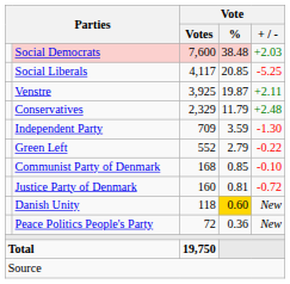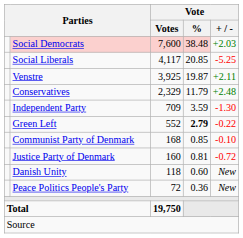 <table class="wikitable" style="text-align:right;">
 <tr>
 <th style="text-align:centre;" rowspan="2" colspan="2" width="225">Parties</th>
 <th colspan="3">Vote</th>
 </tr>
 <tr>
 <th width="15">Votes</th>
 <th width="15">%</th>
 <th width="15">+ / -</th>
 </tr>
 <tr>
 <td width="2" style="color:inherit;background:"></td>
 <td bgcolor=#fbd0ce  align="left"><a href='#'>Social Democrats</a></td>
 <td bgcolor=#fbd0ce>7,600</td>
 <td bgcolor=#fbd0ce>38.48</td>
 <td style=color:green;>+2.03</td>
 </tr>
 <tr>
 <td width="2" style="color:inherit;background:"></td>
 <td align="left"><a href='#'>Social Liberals</a></td>
 <td>4,117</td>
 <td>20.85</td>
 <td style=color:red;>-5.25</td>
 </tr>
 <tr>
 <td width="2" style="color:inherit;background:"></td>
 <td align="left"><a href='#'>Venstre</a></td>
 <td>3,925</td>
 <td>19.87</td>
 <td style=color:green;>+2.11</td>
 </tr>
 <tr>
 <td width="2" style="color:inherit;background:"></td>
 <td align="left"><a href='#'>Conservatives</a></td>
 <td>2,329</td>
 <td>11.79</td>
 <td style=color:green;>+2.48</td>
 </tr>
 <tr>
 <td width="2" style="color:inherit;background:"></td>
 <td align="left"><a href='#'>Independent Party</a></td>
 <td>709</td>
 <td>3.59</td>
 <td style=color:red;>-1.30</td>
 </tr>
 <tr>
 <td width="2" style="color:inherit;background:"></td>
 <td align="left"><a href='#'>Green Left</a></td>
 <td>552</td>
-<td>2.79</td>
+<td><strong>2.79</strong></td>
 <td style=color:red;>-0.22</td>
 </tr>
 <tr>
 <td width="2" style="color:inherit;background:"></td>
 <td align="left"><a href='#'>Communist Party of Denmark</a></td>
 <td>168</td>
 <td>0.85</td>
 <td style=color:red;>-0.10</td>
 </tr>
 <tr>
 <td width="2" style="color:inherit;background:"></td>
 <td align="left"><a href='#'>Justice Party of Denmark</a></td>
 <td>160</td>
 <td>0.81</td>
 <td style=color:red;>-0.72</td>
 </tr>
 <tr>
 <td width="2" style="color:inherit;background:"></td>
 <td align="left"><a href='#'>Danish Unity</a></td>
 <td>118</td>
-<td style="background: gold;">0.60</td>
+<td>0.60</td>
 <td><em>New</em></td>
 </tr>
 <tr>
 <td width="2" style="color:inherit;background:"></td>
 <td align="left"><a href='#'>Peace Politics People's Party</a></td>
 <td>72</td>
 <td>0.36</td>
 <td><em>New</em></td>
 </tr>
 <tr>
 <td colspan="7" bgcolor="#E9E9E9"></td>
 </tr>
 <tr>
 <td align="left" colspan="2"><strong>Total</strong></td>
 <td><strong>19,750</strong></td>
 <td bgcolor="#E9E9E9" colspan="2"></td>
 </tr>
 <tr>
 <td align="left" colspan="6">Source</td>
 </tr>
 </table>
